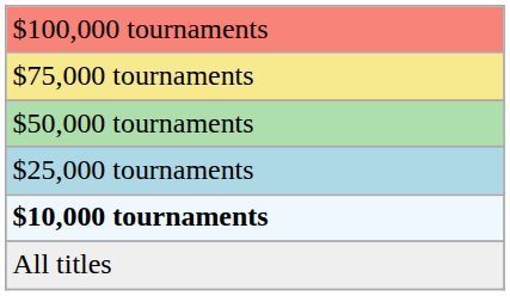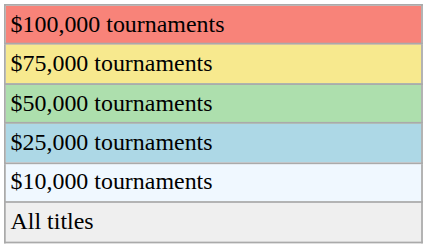 <table class="wikitable"  style="font-size:85%; width:15%;">
 <tr style="background:#f88379;">
 <td>$100,000 tournaments</td>
 </tr>
 <tr style="background:#f7e98e;">
 <td>$75,000 tournaments</td>
 </tr>
 <tr style="background:#addfad;">
 <td>$50,000 tournaments</td>
 </tr>
 <tr style="background:lightblue;">
 <td>$25,000 tournaments</td>
 </tr>
 <tr style="background:#f0f8ff;">
-<td><strong>$10,000 tournaments</strong></td>
+<td>$10,000 tournaments</td>
 </tr>
 <tr style="background:#efefef;">
 <td>All titles</td>
 </tr>
 </table>
